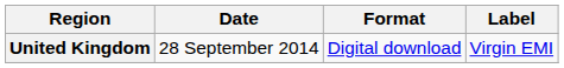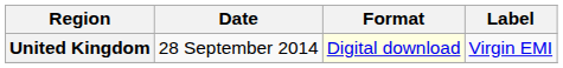 <table class="wikitable plainrowheaders">
 <tr>
 <th scope="col">Region</th>
 <th scope="col">Date</th>
 <th scope="col">Format</th>
 <th scope="col">Label</th>
 </tr>
 <tr>
 <th scope="row">United Kingdom</th>
 <td>28 September 2014</td>
-<td><a href='#'>Digital download</a></td>
+<td style="background: lightyellow;"><a href='#'>Digital download</a></td>
 <td><a href='#'>Virgin EMI</a></td>
 </tr>
 <tr>
 </tr>
 </table>
